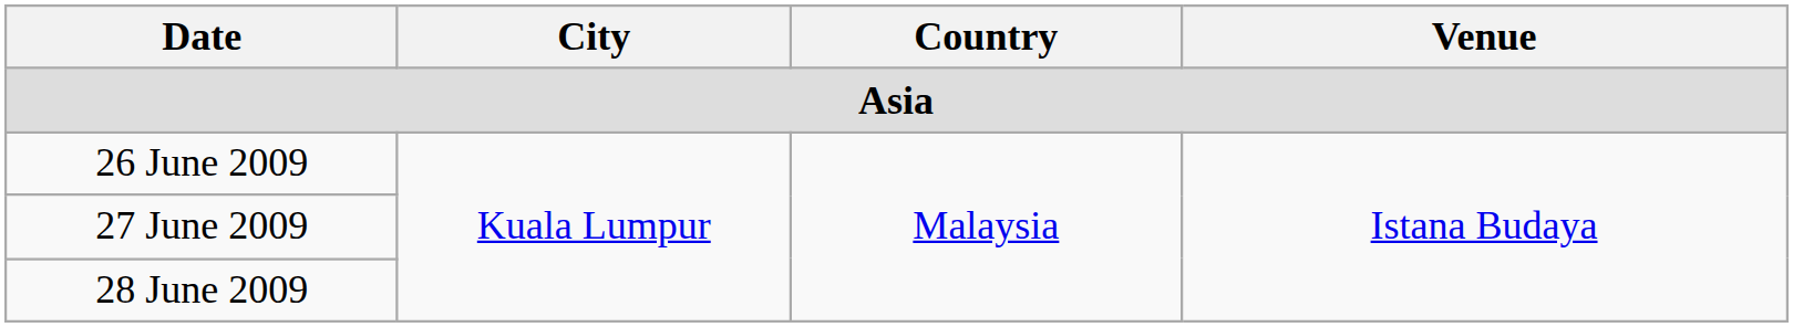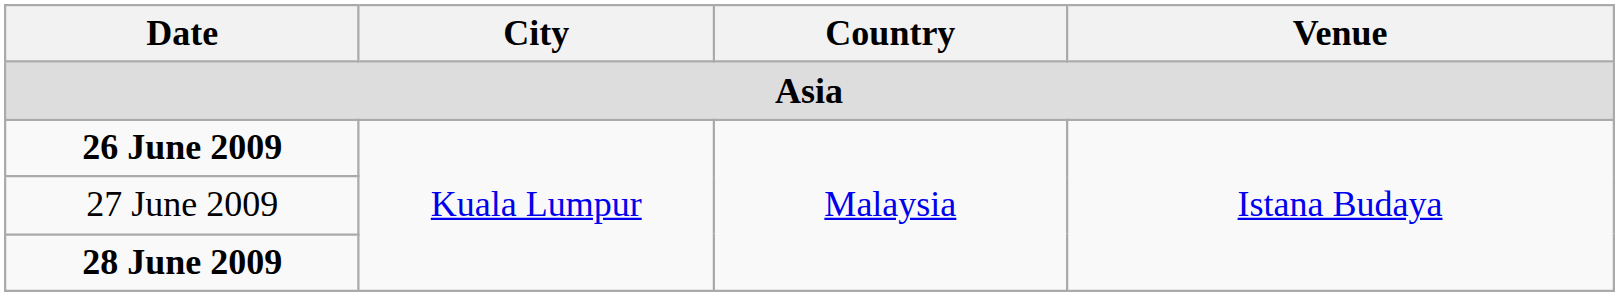 <table class="wikitable" style="text-align:center;">
 <tr>
 <th width="150">Date</th>
 <th width="150">City</th>
 <th width="150">Country</th>
 <th width="235">Venue</th>
 </tr>
 <tr bgcolor="#DDDDDD">
 <td colspan=4><strong>Asia</strong></td>
 </tr>
 <tr>
-<td>26 June 2009</td>
+<td><strong>26 June 2009</strong></td>
 <td rowspan="3"><a href='#'>Kuala Lumpur</a></td>
 <td rowspan="3"><a href='#'>Malaysia</a></td>
 <td rowspan="3"><a href='#'>Istana Budaya</a></td>
 </tr>
 <tr>
 <td>27 June 2009</td>
 </tr>
 <tr>
-<td>28 June 2009</td>
+<td><strong>28 June 2009</strong></td>
 </tr>
 </table>
